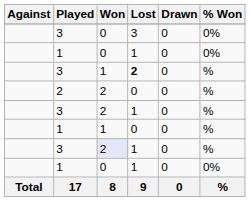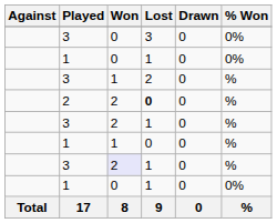 <table class="sortable wikitable" style="font-size: 87%;">
 <tr>
 <th>Against</th>
 <th>Played</th>
 <th>Won</th>
 <th>Lost</th>
 <th>Drawn</th>
 <th>% Won</th>
 </tr>
 <tr bgcolor="#d0ffd0" align="center">
 </tr>
 <tr>
 <td align="left"></td>
 <td>3</td>
 <td>0</td>
 <td>3</td>
 <td>0</td>
 <td>0%</td>
 </tr>
 <tr>
 <td align="left"></td>
 <td>1</td>
 <td>0</td>
 <td>1</td>
 <td>0</td>
 <td>0%</td>
 </tr>
 <tr>
 <td align="left"></td>
 <td>3</td>
 <td>1</td>
-<td><strong>2</strong></td>
+<td>2</td>
 <td>0</td>
 <td>%</td>
 </tr>
 <tr>
 <td align="left"></td>
 <td>2</td>
 <td>2</td>
-<td>0</td>
+<td><strong>0</strong></td>
 <td>0</td>
 <td>%</td>
 </tr>
 <tr>
 <td align="left"></td>
 <td>3</td>
 <td>2</td>
 <td>1</td>
 <td>0</td>
 <td>%</td>
 </tr>
 <tr>
 <td align="left"></td>
 <td>1</td>
 <td>1</td>
 <td>0</td>
 <td>0</td>
 <td>%</td>
 </tr>
 <tr>
 <td align="left"></td>
 <td>3</td>
 <td style="background: lavender;">2</td>
 <td>1</td>
 <td>0</td>
 <td>%</td>
 </tr>
 <tr>
 <td align="left"></td>
 <td>1</td>
 <td>0</td>
 <td>1</td>
 <td>0</td>
 <td>0%</td>
 </tr>
 <tr>
 <th>Total</th>
 <th><strong>17</strong></th>
 <th><strong>8</strong></th>
 <th><strong>9</strong></th>
 <th><strong>0</strong></th>
 <th><strong>%</strong></th>
 </tr>
 </table>
